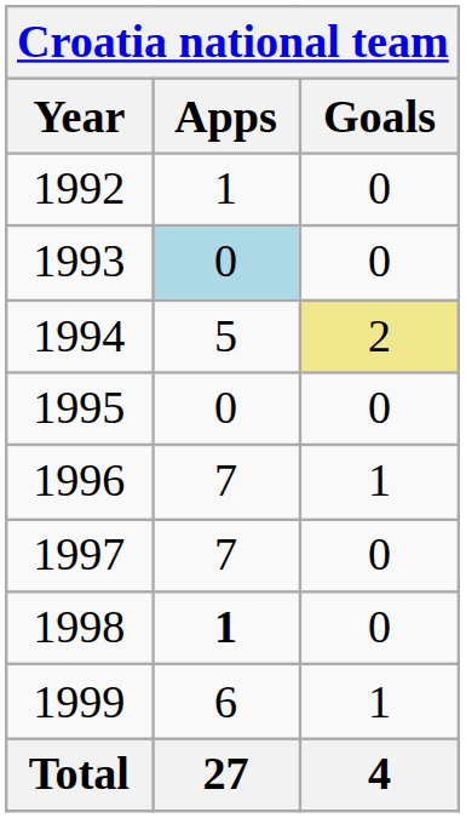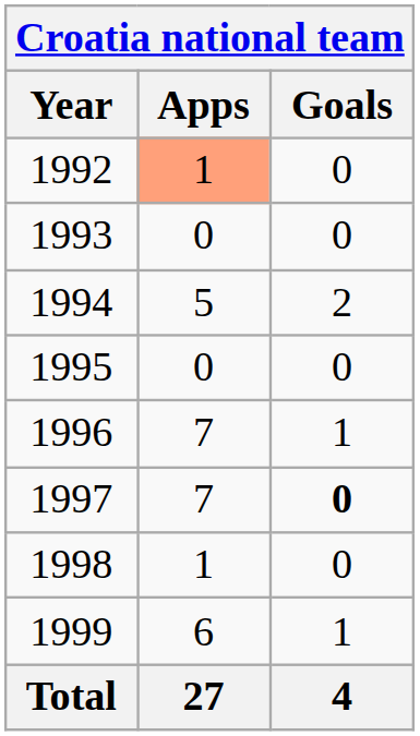 <table class="wikitable" style="text-align:center">
 <tr>
 <th colspan=3><a href='#'>Croatia national team</a></th>
 </tr>
 <tr>
 <th>Year</th>
 <th>Apps</th>
 <th>Goals</th>
 </tr>
 <tr>
 <td>1992</td>
-<td>1</td>
+<td style="background: lightsalmon;">1</td>
 <td>0</td>
 </tr>
 <tr>
 <td>1993</td>
-<td style="background: lightblue;">0</td>
+<td>0</td>
 <td>0</td>
 </tr>
 <tr>
 <td>1994</td>
 <td>5</td>
-<td style="background: khaki;">2</td>
+<td>2</td>
 </tr>
 <tr>
 <td>1995</td>
 <td>0</td>
 <td>0</td>
 </tr>
 <tr>
 <td>1996</td>
 <td>7</td>
 <td>1</td>
 </tr>
 <tr>
 <td>1997</td>
 <td>7</td>
-<td>0</td>
+<td><strong>0</strong></td>
 </tr>
 <tr>
 <td>1998</td>
-<td><strong>1</strong></td>
+<td>1</td>
 <td>0</td>
 </tr>
 <tr>
 <td>1999</td>
 <td>6</td>
 <td>1</td>
 </tr>
 <tr>
 <th>Total</th>
 <th>27</th>
 <th>4</th>
 </tr>
 </table>
